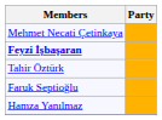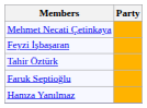 <table class=wikitable style="border:1px solid #8888aa; background-color:#f7f8ff; padding:0px; font-size:90%;">
 <tr>
 <th>Members</th>
 <th colspan="2">Party</th>
 </tr>
 <tr>
 <td><a href='#'>Mehmet Necati Çetinkaya</a></td>
 <td style="background: #ffb300"></td>
 </tr>
 <tr>
-<td><strong><a href='#'>Feyzi İşbaşaran</a></strong></td>
+<td><a href='#'>Feyzi İşbaşaran</a></td>
 <td style="background: #ffb300"></td>
 </tr>
 <tr>
 <td><a href='#'>Tahir Öztürk</a></td>
 <td style="background: #ffb300"></td>
 </tr>
 <tr>
 <td><a href='#'>Faruk Septioğlu</a></td>
 <td style="background: #ffb300"></td>
 </tr>
 <tr>
 <td><a href='#'>Hamza Yanılmaz</a></td>
 <td style="background: #ffb300"></td>
 </tr>
 <tr>
 </tr>
 </table>
